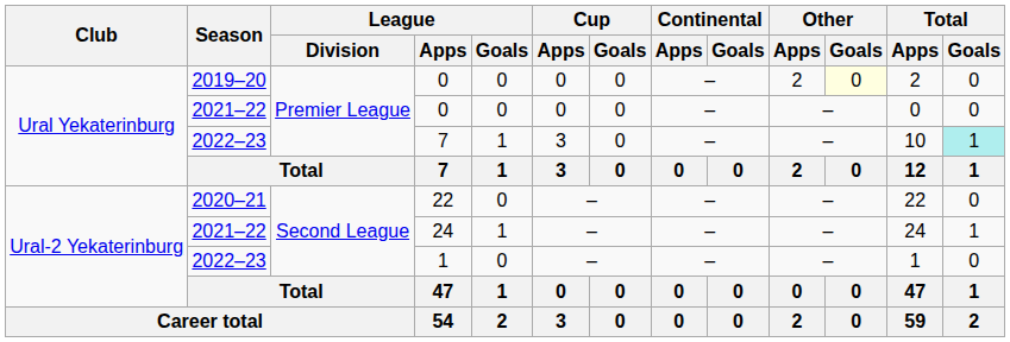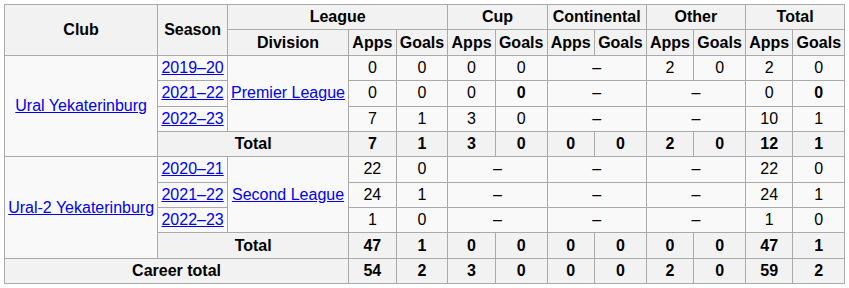 <table class="wikitable" style="text-align: center;">
 <tr>
 <th rowspan=2>Club</th>
 <th rowspan=2>Season</th>
 <th colspan=3>League</th>
 <th colspan=2>Cup</th>
 <th colspan=2>Continental</th>
 <th colspan=2>Other</th>
 <th colspan=2>Total</th>
 </tr>
 <tr>
 <th>Division</th>
 <th>Apps</th>
 <th>Goals</th>
 <th>Apps</th>
 <th>Goals</th>
 <th>Apps</th>
 <th>Goals</th>
 <th>Apps</th>
 <th>Goals</th>
 <th>Apps</th>
 <th>Goals</th>
 </tr>
 <tr>
 <td rowspan="4"><a href='#'>Ural Yekaterinburg</a></td>
 <td><a href='#'>2019–20</a></td>
 <td rowspan="3"><a href='#'>Premier League</a></td>
 <td>0</td>
 <td>0</td>
 <td>0</td>
 <td>0</td>
 <td colspan=2>–</td>
 <td>2</td>
-<td style="background: lightyellow;">0</td>
+<td>0</td>
 <td>2</td>
 <td>0</td>
 </tr>
 <tr>
 <td><a href='#'>2021–22</a></td>
 <td>0</td>
 <td>0</td>
 <td>0</td>
-<td>0</td>
+<td><strong>0</strong></td>
 <td colspan=2>–</td>
 <td colspan=2>–</td>
 <td>0</td>
-<td>0</td>
+<td><strong>0</strong></td>
 </tr>
 <tr>
 <td><a href='#'>2022–23</a></td>
 <td>7</td>
 <td>1</td>
 <td>3</td>
 <td>0</td>
 <td colspan=2>–</td>
 <td colspan=2>–</td>
 <td>10</td>
-<td style="background: paleturquoise;">1</td>
+<td>1</td>
 </tr>
 <tr>
 <th colspan=2>Total</th>
 <th>7</th>
 <th>1</th>
 <th>3</th>
 <th>0</th>
 <th>0</th>
 <th>0</th>
 <th>2</th>
 <th>0</th>
 <th>12</th>
 <th>1</th>
 </tr>
 <tr>
 <td rowspan="4"><a href='#'>Ural-2 Yekaterinburg</a></td>
 <td><a href='#'>2020–21</a></td>
 <td rowspan="3"><a href='#'>Second League</a></td>
 <td>22</td>
 <td>0</td>
 <td colspan=2>–</td>
 <td colspan=2>–</td>
 <td colspan=2>–</td>
 <td>22</td>
 <td>0</td>
 </tr>
 <tr>
 <td><a href='#'>2021–22</a></td>
 <td>24</td>
 <td>1</td>
 <td colspan=2>–</td>
 <td colspan=2>–</td>
 <td colspan=2>–</td>
 <td>24</td>
 <td>1</td>
 </tr>
 <tr>
 <td><a href='#'>2022–23</a></td>
 <td>1</td>
 <td>0</td>
 <td colspan=2>–</td>
 <td colspan=2>–</td>
 <td colspan=2>–</td>
 <td>1</td>
 <td>0</td>
 </tr>
 <tr>
 <th colspan=2>Total</th>
 <th>47</th>
 <th>1</th>
 <th>0</th>
 <th>0</th>
 <th>0</th>
 <th>0</th>
 <th>0</th>
 <th>0</th>
 <th>47</th>
 <th>1</th>
 </tr>
 <tr>
 <th colspan=3>Career total</th>
 <th>54</th>
 <th>2</th>
 <th>3</th>
 <th>0</th>
 <th>0</th>
 <th>0</th>
 <th>2</th>
 <th>0</th>
 <th>59</th>
 <th>2</th>
 </tr>
 </table>
